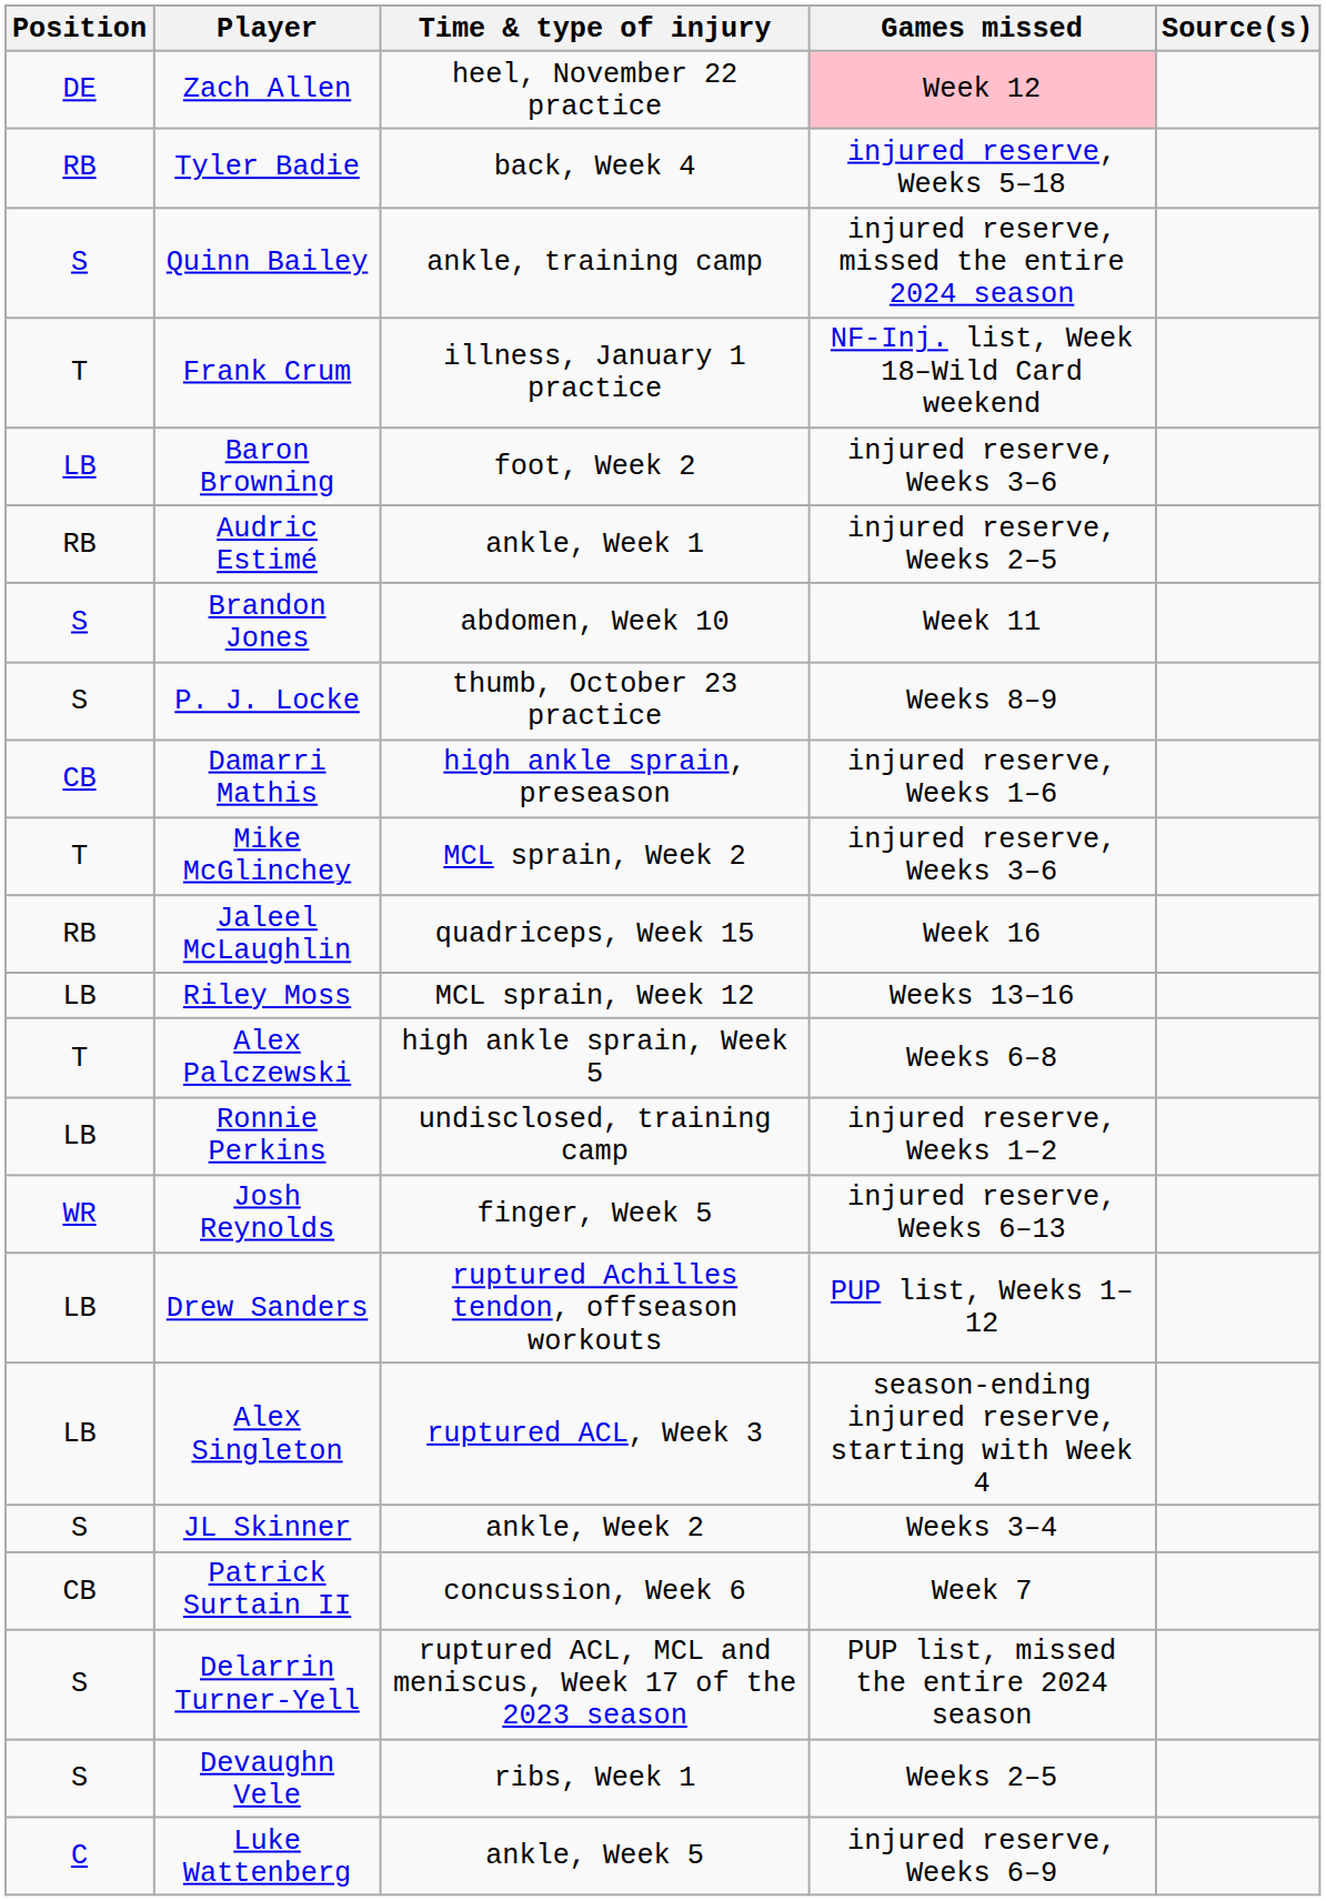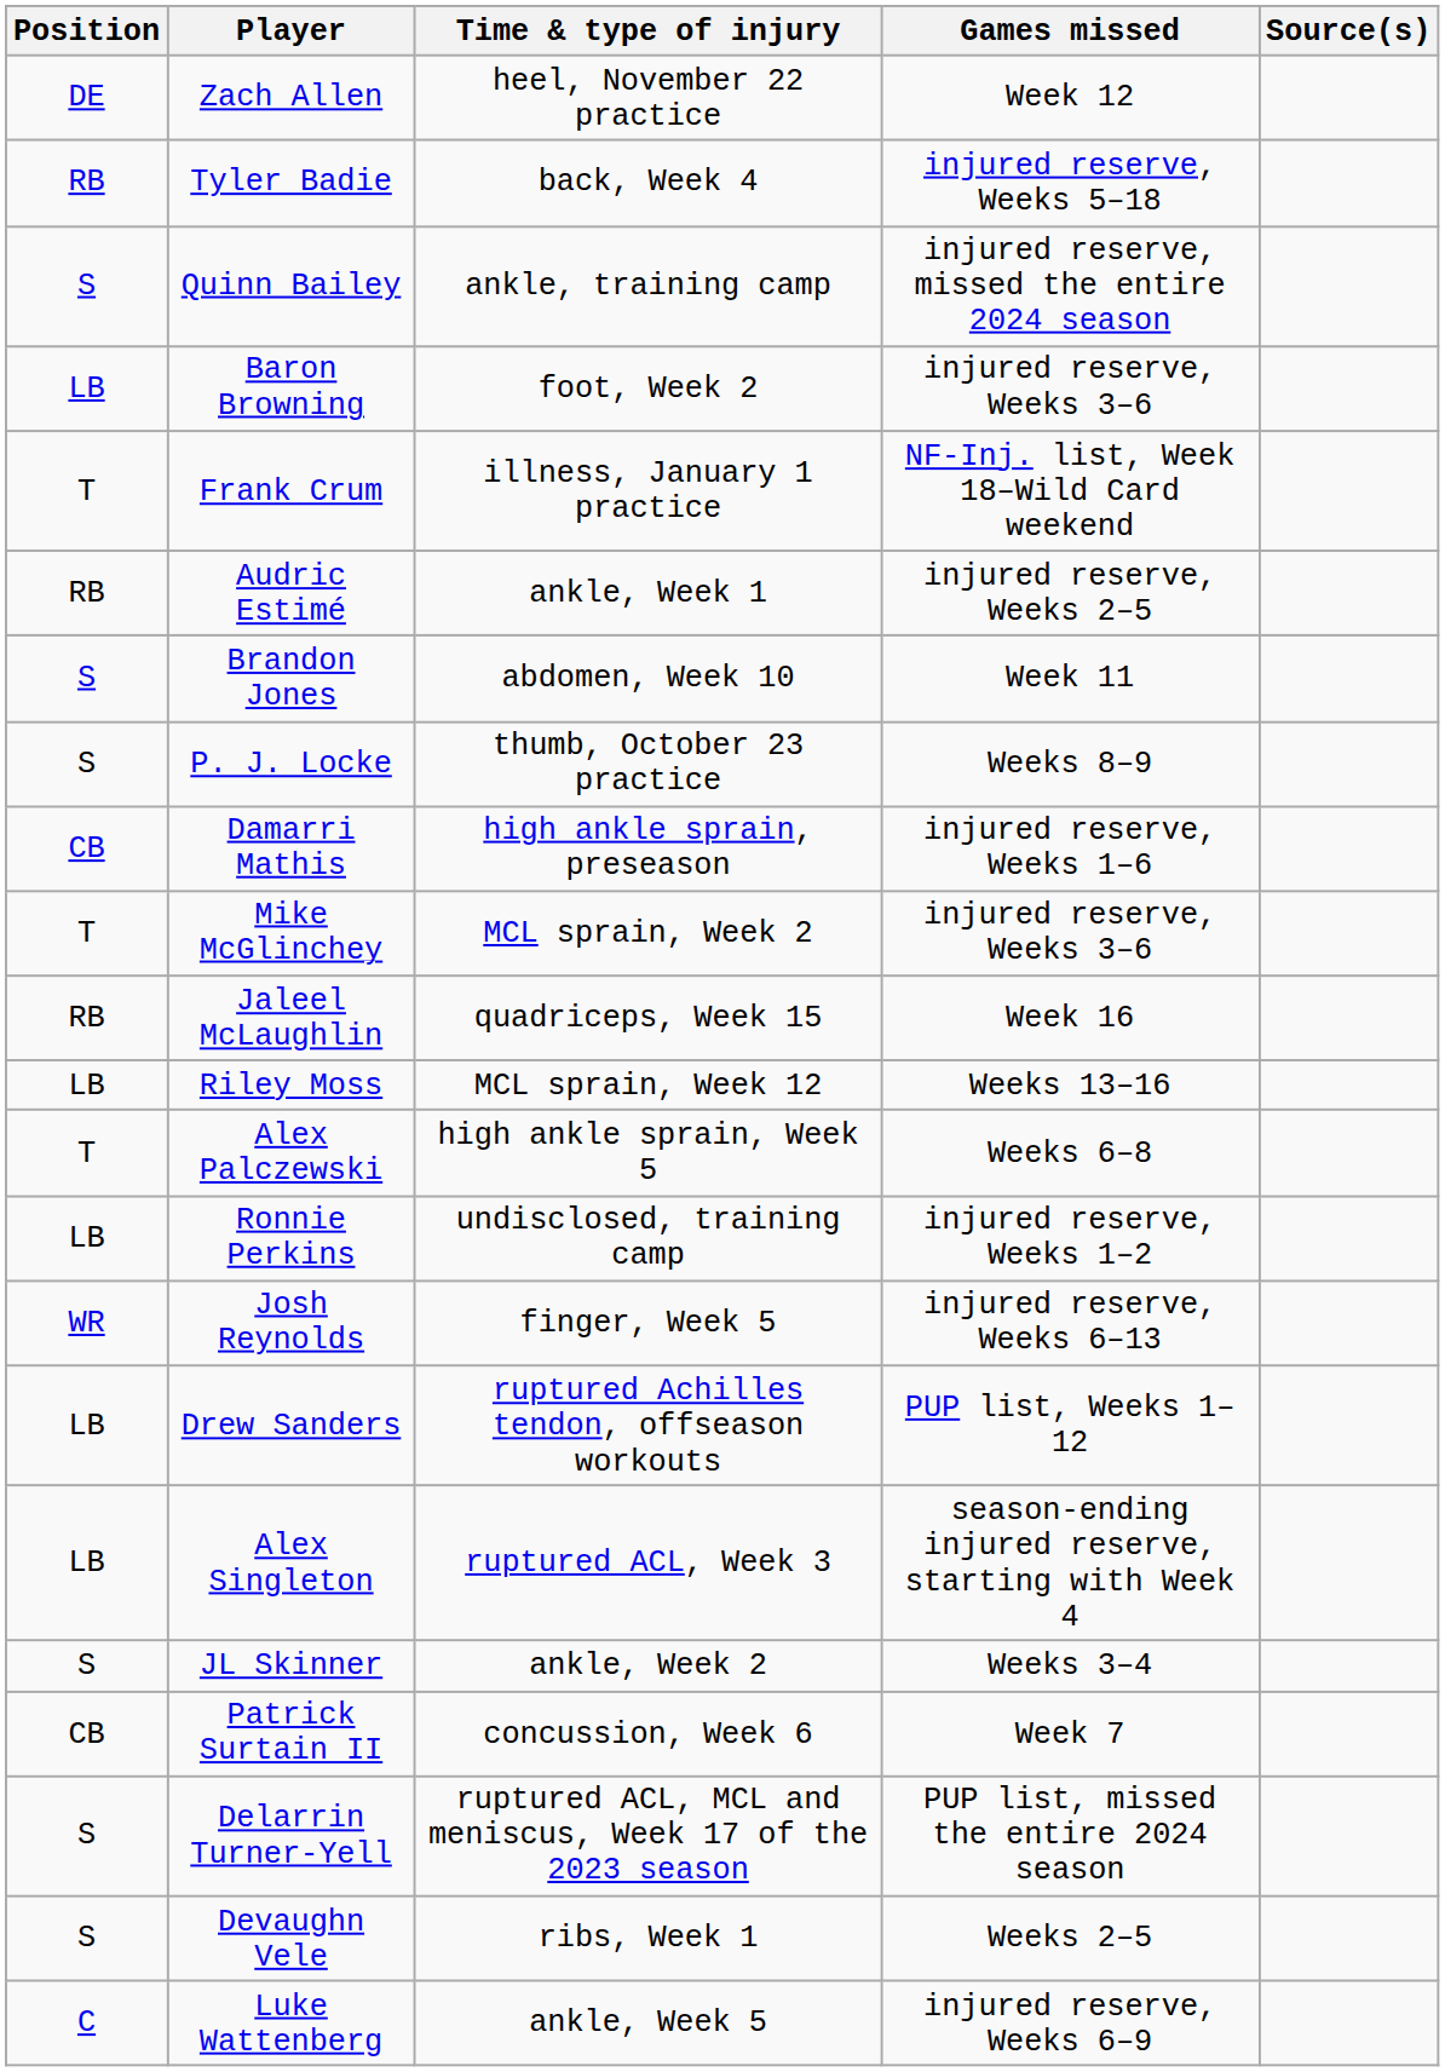 <table class="wikitable" style="text-align:center">
 <tr>
 <th>Position</th>
 <th>Player</th>
 <th>Time & type of injury</th>
 <th>Games missed</th>
 <th>Source(s)</th>
 </tr>
 <tr>
 <td><a href='#'>DE</a></td>
 <td><a href='#'>Zach Allen</a></td>
 <td>heel, November 22 practice</td>
-<td style="background: pink;">Week 12</td>
+<td>Week 12</td>
 <td></td>
 </tr>
 <tr>
 <td><a href='#'>RB</a></td>
 <td><a href='#'>Tyler Badie</a></td>
 <td>back, Week 4</td>
 <td><a href='#'>injured reserve</a>, Weeks 5–18</td>
 <td></td>
 </tr>
 <tr>
 <td><a href='#'>S</a></td>
 <td><a href='#'>Quinn Bailey</a></td>
 <td>ankle, training camp</td>
 <td>injured reserve, missed the entire <a href='#'>2024 season</a></td>
 <td></td>
 </tr>
 <tr>
+<td><a href='#'>LB</a></td>
+<td><a href='#'>Baron Browning</a></td>
+<td>foot, Week 2</td>
+<td>injured reserve, Weeks 3–6</td>
+<td></td>
+</tr>
+<tr>
 <td>T</td>
 <td><a href='#'>Frank Crum</a></td>
 <td>illness, January 1 practice</td>
 <td><a href='#'>NF-Inj.</a> list, Week 18–Wild Card weekend</td>
-<td></td>
-</tr>
-<tr>
-<td><a href='#'>LB</a></td>
-<td><a href='#'>Baron Browning</a></td>
-<td>foot, Week 2</td>
-<td>injured reserve, Weeks 3–6</td>
 <td></td>
 </tr>
 <tr>
 <td>RB</td>
 <td><a href='#'>Audric Estimé</a></td>
 <td>ankle, Week 1</td>
 <td>injured reserve, Weeks 2–5</td>
 <td></td>
 </tr>
 <tr>
 <td><a href='#'>S</a></td>
 <td><a href='#'>Brandon Jones</a></td>
 <td>abdomen, Week 10</td>
 <td>Week 11</td>
 <td></td>
 </tr>
 <tr>
 <td>S</td>
 <td><a href='#'>P. J. Locke</a></td>
 <td>thumb, October 23 practice</td>
 <td>Weeks 8–9</td>
 <td></td>
 </tr>
 <tr>
 <td><a href='#'>CB</a></td>
 <td><a href='#'>Damarri Mathis</a></td>
 <td><a href='#'>high ankle sprain</a>, preseason</td>
 <td>injured reserve, Weeks 1–6</td>
 <td></td>
 </tr>
 <tr>
 <td>T</td>
 <td><a href='#'>Mike McGlinchey</a></td>
 <td><a href='#'>MCL</a> sprain, Week 2</td>
 <td>injured reserve, Weeks 3–6</td>
 <td></td>
 </tr>
 <tr>
 <td>RB</td>
 <td><a href='#'>Jaleel McLaughlin</a></td>
 <td>quadriceps, Week 15</td>
 <td>Week 16</td>
 <td></td>
 </tr>
 <tr>
 <td>LB</td>
 <td><a href='#'>Riley Moss</a></td>
 <td>MCL sprain, Week 12</td>
 <td>Weeks 13–16</td>
 <td></td>
 </tr>
 <tr>
 <td>T</td>
 <td><a href='#'>Alex Palczewski</a></td>
 <td>high ankle sprain, Week 5</td>
 <td>Weeks 6–8</td>
 <td></td>
 </tr>
 <tr>
 <td>LB</td>
 <td><a href='#'>Ronnie Perkins</a></td>
 <td>undisclosed, training camp</td>
 <td>injured reserve, Weeks 1–2</td>
 <td></td>
 </tr>
 <tr>
 <td><a href='#'>WR</a></td>
 <td><a href='#'>Josh Reynolds</a></td>
 <td>finger, Week 5</td>
 <td>injured reserve, Weeks 6–13</td>
 <td></td>
 </tr>
 <tr>
 <td>LB</td>
 <td><a href='#'>Drew Sanders</a></td>
 <td><a href='#'>ruptured Achilles tendon</a>, offseason workouts</td>
 <td><a href='#'>PUP</a> list, Weeks 1–12</td>
 <td></td>
 </tr>
 <tr>
 <td>LB</td>
 <td><a href='#'>Alex Singleton</a></td>
 <td><a href='#'>ruptured ACL</a>, Week 3</td>
 <td>season-ending injured reserve, starting with Week 4</td>
 <td></td>
 </tr>
 <tr>
 <td>S</td>
 <td><a href='#'>JL Skinner</a></td>
 <td>ankle, Week 2</td>
 <td>Weeks 3–4</td>
 <td></td>
 </tr>
 <tr>
 <td>CB</td>
 <td><a href='#'>Patrick Surtain II</a></td>
 <td>concussion, Week 6</td>
 <td>Week 7</td>
 <td></td>
 </tr>
 <tr>
 <td>S</td>
 <td><a href='#'>Delarrin Turner-Yell</a></td>
 <td>ruptured ACL, MCL and meniscus, Week 17 of the <a href='#'>2023 season</a></td>
 <td>PUP list, missed the entire 2024 season</td>
 <td></td>
 </tr>
 <tr>
 <td>S</td>
 <td><a href='#'>Devaughn Vele</a></td>
 <td>ribs, Week 1</td>
 <td>Weeks 2–5</td>
 <td></td>
 </tr>
 <tr>
 <td><a href='#'>C</a></td>
 <td><a href='#'>Luke Wattenberg</a></td>
 <td>ankle, Week 5</td>
 <td>injured reserve, Weeks 6–9</td>
 <td></td>
 </tr>
 </table>
